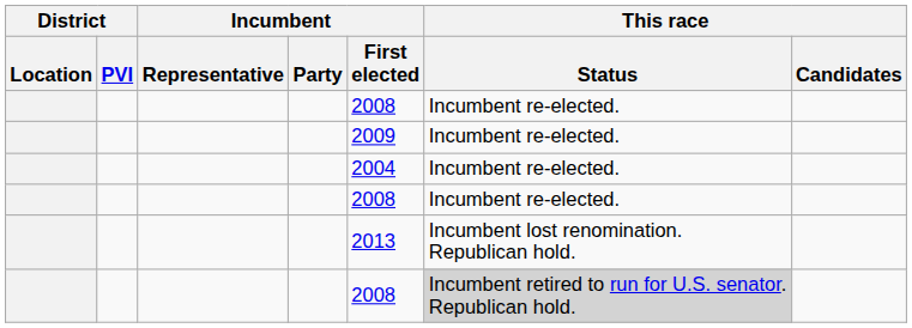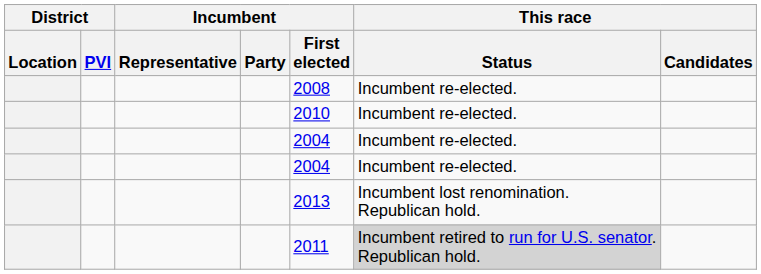 <table class="wikitable sortable">
 <tr valign=bottom>
 <th colspan=2>District</th>
 <th colspan=3>Incumbent</th>
 <th colspan=2>This race</th>
 </tr>
 <tr valign=bottom>
 <th>Location</th>
 <th><a href='#'>PVI</a></th>
 <th>Representative</th>
 <th>Party</th>
 <th>First<br>elected</th>
 <th>Status</th>
 <th>Candidates</th>
 </tr>
 <tr>
 <th></th>
 <td></td>
 <td></td>
 <td></td>
 <td><a href='#'>2008 </a></td>
 <td>Incumbent re-elected.</td>
 <td nowrap></td>
 </tr>
 <tr>
 <th></th>
 <td></td>
 <td></td>
 <td></td>
-<td><a href='#'>2009</a></td>
+<td><a href='#'>2010</a></td>
 <td>Incumbent re-elected.</td>
 <td nowrap></td>
 </tr>
 <tr>
 <th></th>
 <td></td>
 <td></td>
 <td></td>
 <td><a href='#'>2004</a></td>
 <td>Incumbent re-elected.</td>
 <td nowrap></td>
 </tr>
 <tr>
 <th></th>
 <td></td>
 <td></td>
 <td></td>
-<td><a href='#'>2008</a></td>
+<td><a href='#'>2004</a></td>
 <td>Incumbent re-elected.</td>
 <td nowrap></td>
 </tr>
 <tr>
 <th></th>
 <td></td>
 <td></td>
 <td></td>
 <td><a href='#'>2013 </a></td>
 <td>Incumbent lost renomination.<br>Republican hold.</td>
 <td nowrap></td>
 </tr>
 <tr>
 <th></th>
 <td></td>
 <td></td>
 <td></td>
-<td><a href='#'>2008</a></td>
+<td><a href='#'>2011</a></td>
 <td style="background: lightgrey;">Incumbent retired to <a href='#'>run for U.S. senator</a>.<br>Republican hold.</td>
 <td nowrap></td>
 </tr>
 </table>
